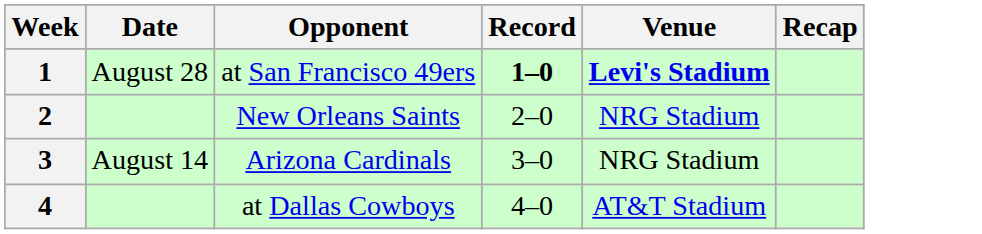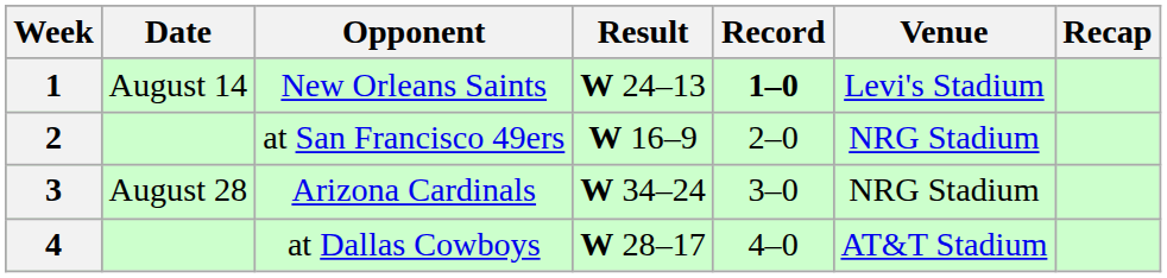 <table class="wikitable" style="text-align:center">
 <tr>
 <th>Week</th>
 <th>Date</th>
 <th>Opponent</th>
+<th>Result</th>
 <th>Record</th>
 <th>Venue</th>
 <th>Recap</th>
 </tr>
 <tr style="background:#cfc">
 <th>1</th>
-<td>August 28</td>
-<td>at <a href='#'>San Francisco 49ers</a></td>
+<td>August 14</td>
+<td><a href='#'>New Orleans Saints</a></td>
+<td><strong>W</strong> 24–13</td>
 <td><strong>1–0</strong></td>
-<td><strong><a href='#'>Levi's Stadium</a></strong></td>
+<td><a href='#'>Levi's Stadium</a></td>
 <td></td>
 </tr>
 <tr style="background:#cfc">
 <th>2</th>
 <td></td>
-<td><a href='#'>New Orleans Saints</a></td>
+<td>at <a href='#'>San Francisco 49ers</a></td>
+<td><strong>W</strong> 16–9</td>
 <td>2–0</td>
 <td><a href='#'>NRG Stadium</a></td>
 <td></td>
 </tr>
 <tr style="background:#cfc">
 <th>3</th>
-<td>August 14</td>
+<td>August 28</td>
 <td><a href='#'>Arizona Cardinals</a></td>
+<td><strong>W</strong> 34–24</td>
 <td>3–0</td>
 <td>NRG Stadium</td>
 <td></td>
 </tr>
 <tr style="background:#cfc">
 <th>4</th>
 <td></td>
 <td>at <a href='#'>Dallas Cowboys</a></td>
+<td><strong>W</strong> 28–17</td>
 <td>4–0</td>
 <td><a href='#'>AT&T Stadium</a></td>
 <td></td>
 </tr>
 </table>
